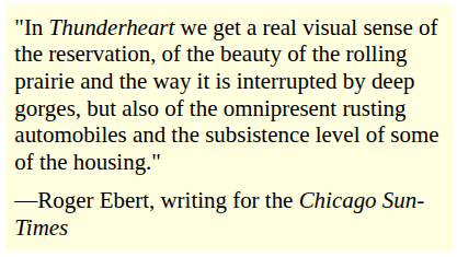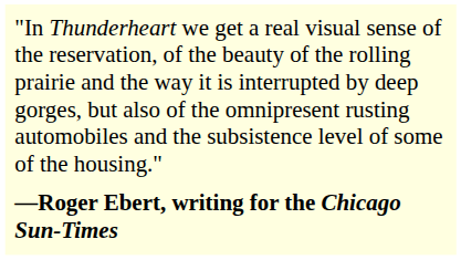 <table class="toccolours" style="float: right; margin-left: 1em; margin-right: 2em; font-size: 85%; background:#FFFFE0; color:black; width:40em; max-width: 30%;" cellspacing="5">
 <tr>
 <td style="text-align: left;">"In <em>Thunderheart</em> we get a real visual sense of the reservation, of the beauty of the rolling prairie and the way it is interrupted by deep gorges, but also of the omnipresent rusting automobiles and the subsistence level of some of the housing."</td>
 </tr>
 <tr>
-<td style="text-align: left;">—Roger Ebert, writing for the <em>Chicago Sun-Times</em></td>
+<td style="text-align: left;"><strong>—Roger Ebert, writing for the <em>Chicago Sun-Times</em></strong></td>
 </tr>
 </table>
